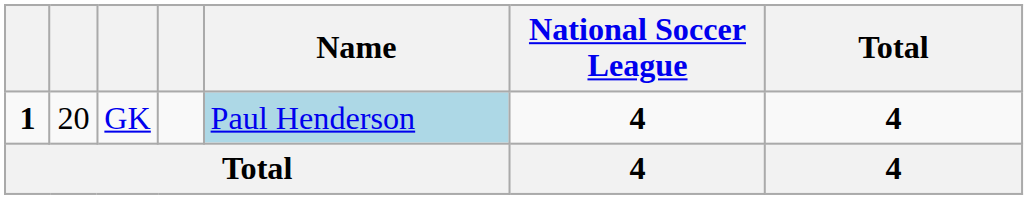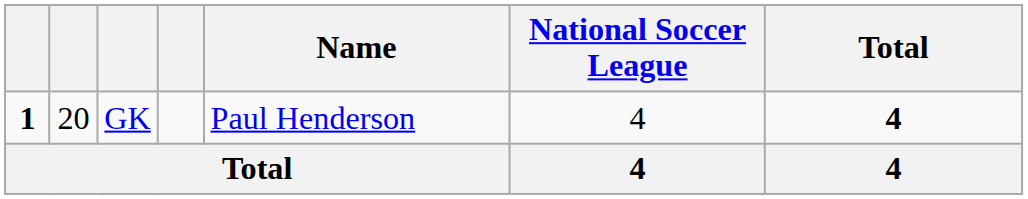 <table class="wikitable" style="text-align:center">
 <tr>
 <th width=15></th>
 <th width=15></th>
 <th width=15></th>
 <th width=15></th>
 <th width=145>Name</th>
 <th width=120><a href='#'>National Soccer League</a></th>
 <th width=120>Total</th>
 </tr>
 <tr>
 <td><strong>1</strong></td>
 <td>20</td>
 <td><a href='#'>GK</a></td>
 <td></td>
-<td align=left style="background: lightblue;"><a href='#'>Paul Henderson</a></td>
-<td><strong>4</strong></td>
+<td align=left><a href='#'>Paul Henderson</a></td>
+<td>4</td>
 <td><strong>4</strong></td>
 </tr>
 <tr>
 <th colspan="5"><strong>Total</strong></th>
 <th>4</th>
 <th>4</th>
 </tr>
 </table>
